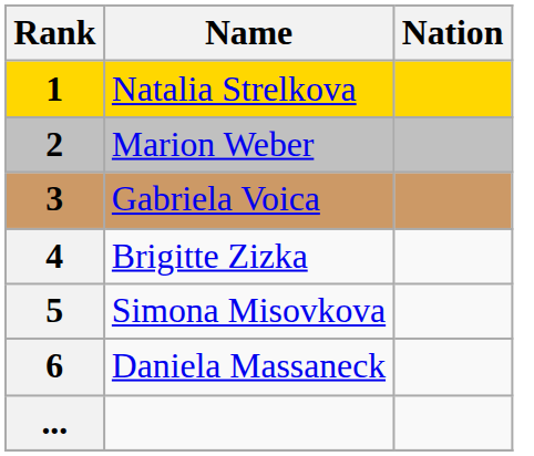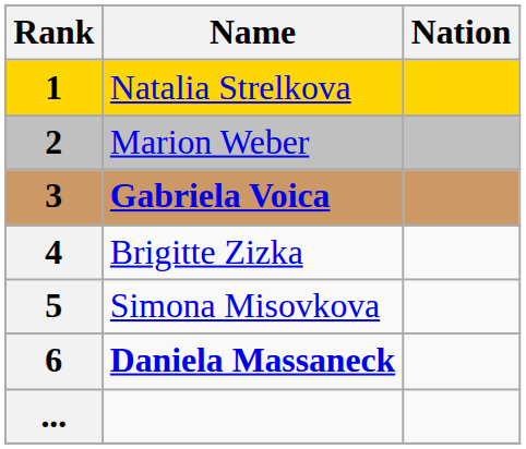 <table class="wikitable">
 <tr>
 <th>Rank</th>
 <th>Name</th>
 <th>Nation</th>
 </tr>
 <tr bgcolor="gold">
 <td align="center"><strong>1</strong></td>
 <td><a href='#'>Natalia Strelkova</a></td>
 <td></td>
 </tr>
 <tr bgcolor="silver">
 <td align="center"><strong>2</strong></td>
 <td><a href='#'>Marion Weber</a></td>
 <td></td>
 </tr>
 <tr bgcolor="cc9966">
 <td align="center"><strong>3</strong></td>
-<td><a href='#'>Gabriela Voica</a></td>
+<td><strong><a href='#'>Gabriela Voica</a></strong></td>
 <td></td>
 </tr>
 <tr>
 <th>4</th>
 <td><a href='#'>Brigitte Zizka</a></td>
 <td></td>
 </tr>
 <tr>
 <th>5</th>
 <td><a href='#'>Simona Misovkova</a></td>
 <td></td>
 </tr>
 <tr>
 <th>6</th>
-<td><a href='#'>Daniela Massaneck</a></td>
+<td><strong><a href='#'>Daniela Massaneck</a></strong></td>
 <td></td>
 </tr>
 <tr>
 <th>...</th>
 <td></td>
 <td></td>
 </tr>
 <tr>
 </tr>
 </table>
